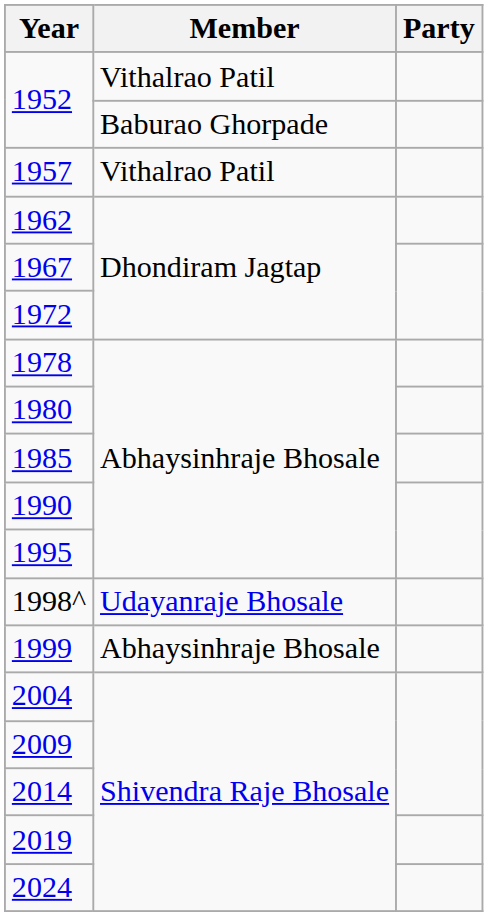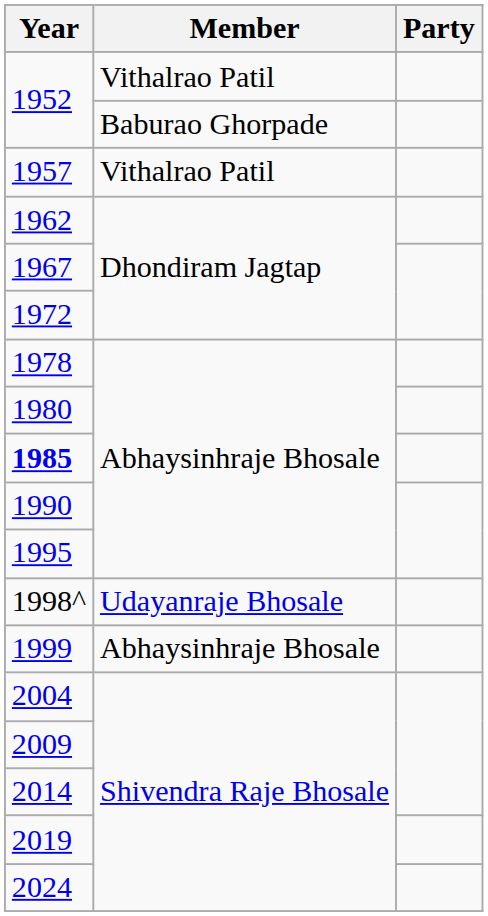 <table class="wikitable">
 <tr>
 <th>Year</th>
 <th>Member</th>
 <th colspan=2>Party</th>
 </tr>
 <tr>
 <td rowspan="2"><a href='#'>1952</a></td>
 <td>Vithalrao Patil</td>
 <td></td>
 </tr>
 <tr>
 <td>Baburao Ghorpade</td>
 <td></td>
 </tr>
 <tr>
 <td><a href='#'>1957</a></td>
 <td>Vithalrao Patil</td>
 <td></td>
 </tr>
 <tr>
 <td><a href='#'>1962</a></td>
 <td rowspan=3>Dhondiram Jagtap</td>
 <td></td>
 </tr>
 <tr>
 <td><a href='#'>1967</a></td>
 </tr>
 <tr>
 <td><a href='#'>1972</a></td>
 </tr>
 <tr>
 <td><a href='#'>1978</a></td>
 <td rowspan=5>Abhaysinhraje Bhosale</td>
 <td></td>
 </tr>
 <tr>
 <td><a href='#'>1980</a></td>
 <td></td>
 </tr>
 <tr>
-<td><a href='#'>1985</a></td>
+<td><strong><a href='#'>1985</a></strong></td>
 <td></td>
 </tr>
 <tr>
 <td><a href='#'>1990</a></td>
 </tr>
 <tr>
 <td><a href='#'>1995</a></td>
 </tr>
 <tr>
 <td>1998^</td>
 <td><a href='#'>Udayanraje Bhosale</a></td>
 <td></td>
 </tr>
 <tr>
 <td><a href='#'>1999</a></td>
 <td>Abhaysinhraje Bhosale</td>
 <td></td>
 </tr>
 <tr>
 <td><a href='#'>2004</a></td>
 <td rowspan=5><a href='#'>Shivendra Raje Bhosale</a></td>
 </tr>
 <tr>
 <td><a href='#'>2009</a></td>
 </tr>
 <tr>
 <td><a href='#'>2014</a></td>
 </tr>
 <tr>
 <td><a href='#'>2019</a></td>
 <td></td>
 </tr>
 <tr>
 <td><a href='#'>2024</a></td>
 </tr>
 </table>
